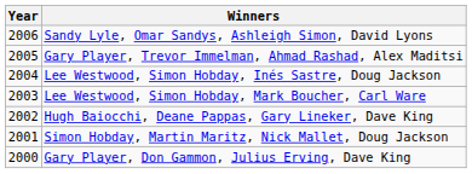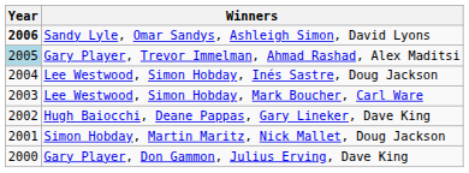 <table class=wikitable>
 <tr>
 <th>Year</th>
 <th>Winners</th>
 </tr>
 <tr>
-<td>2006</td>
+<td><strong>2006</strong></td>
 <td><a href='#'>Sandy Lyle</a>, <a href='#'>Omar Sandys</a>, <a href='#'>Ashleigh Simon</a>, David Lyons</td>
 </tr>
 <tr>
-<td>2005</td>
+<td style="background: lightblue;">2005</td>
 <td><a href='#'>Gary Player</a>, <a href='#'>Trevor Immelman</a>, <a href='#'>Ahmad Rashad</a>, Alex Maditsi</td>
 </tr>
 <tr>
 <td>2004</td>
 <td><a href='#'>Lee Westwood</a>, <a href='#'>Simon Hobday</a>, <a href='#'>Inés Sastre</a>, Doug Jackson</td>
 </tr>
 <tr>
 <td>2003</td>
 <td><a href='#'>Lee Westwood</a>, <a href='#'>Simon Hobday</a>, <a href='#'>Mark Boucher</a>, <a href='#'>Carl Ware</a></td>
 </tr>
 <tr>
 <td>2002</td>
 <td><a href='#'>Hugh Baiocchi</a>, <a href='#'>Deane Pappas</a>, <a href='#'>Gary Lineker</a>, Dave King</td>
 </tr>
 <tr>
 <td>2001</td>
 <td><a href='#'>Simon Hobday</a>, <a href='#'>Martin Maritz</a>, <a href='#'>Nick Mallet</a>, Doug Jackson</td>
 </tr>
 <tr>
 <td>2000</td>
 <td><a href='#'>Gary Player</a>, <a href='#'>Don Gammon</a>, <a href='#'>Julius Erving</a>, Dave King</td>
 </tr>
 </table>
